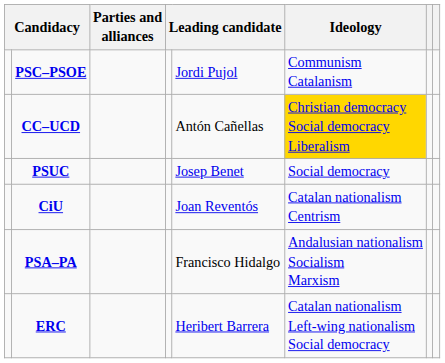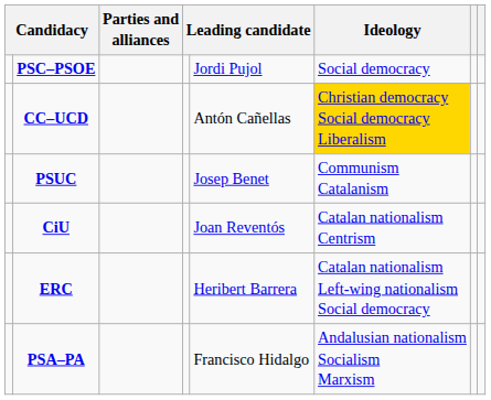 <table class="wikitable" style="line-height:1.35em; text-align:left;">
 <tr>
 <th colspan="2">Candidacy</th>
 <th>Parties and<br>alliances</th>
 <th colspan="2">Leading candidate</th>
 <th>Ideology</th>
 <th></th>
 <th></th>
 </tr>
 <tr>
 <td width="1" style="color:inherit;background:"></td>
 <td align="center"><strong><a href='#'>PSC–PSOE</a></strong></td>
 <td></td>
 <td></td>
 <td><a href='#'>Jordi Pujol</a></td>
-<td><a href='#'>Communism</a><br><a href='#'>Catalanism</a></td>
+<td><a href='#'>Social democracy</a></td>
 <td></td>
 <td><br></td>
 </tr>
 <tr>
 <td style="color:inherit;background:"></td>
 <td align="center"><strong><a href='#'>CC–UCD</a></strong></td>
 <td></td>
 <td></td>
 <td>Antón Cañellas</td>
 <td style="background: gold;"><a href='#'>Christian democracy</a><br><a href='#'>Social democracy</a><br><a href='#'>Liberalism</a></td>
 <td></td>
 <td></td>
 </tr>
 <tr>
 <td style="color:inherit;background:"></td>
 <td align="center"><strong><a href='#'>PSUC</a></strong></td>
 <td></td>
 <td></td>
 <td><a href='#'>Josep Benet</a></td>
-<td><a href='#'>Social democracy</a></td>
+<td><a href='#'>Communism</a><br><a href='#'>Catalanism</a></td>
 <td></td>
 <td><br></td>
 </tr>
 <tr>
 <td style="color:inherit;background:"></td>
 <td align="center"><strong><a href='#'>CiU</a></strong></td>
 <td></td>
 <td></td>
 <td><a href='#'>Joan Reventós</a></td>
 <td><a href='#'>Catalan nationalism</a><br><a href='#'>Centrism</a></td>
 <td></td>
 <td><br></td>
 </tr>
 <tr>
 <td style="color:inherit;background:"></td>
+<td align="center"><strong><a href='#'>ERC</a></strong></td>
+<td></td>
+<td></td>
+<td><a href='#'>Heribert Barrera</a></td>
+<td><a href='#'>Catalan nationalism</a><br><a href='#'>Left-wing nationalism</a><br><a href='#'>Social democracy</a></td>
+<td></td>
+<td></td>
+</tr>
+<tr>
+<td style="color:inherit;background:"></td>
 <td align="center"><strong><a href='#'>PSA–PA</a></strong></td>
 <td></td>
 <td></td>
 <td>Francisco Hidalgo</td>
 <td><a href='#'>Andalusian nationalism</a><br><a href='#'>Socialism</a><br><a href='#'>Marxism</a></td>
 <td></td>
 <td></td>
 </tr>
-<tr>
-<td style="color:inherit;background:"></td>
-<td align="center"><strong><a href='#'>ERC</a></strong></td>
-<td></td>
-<td></td>
-<td><a href='#'>Heribert Barrera</a></td>
-<td><a href='#'>Catalan nationalism</a><br><a href='#'>Left-wing nationalism</a><br><a href='#'>Social democracy</a></td>
-<td></td>
-<td></td>
-</tr>
 </table>
